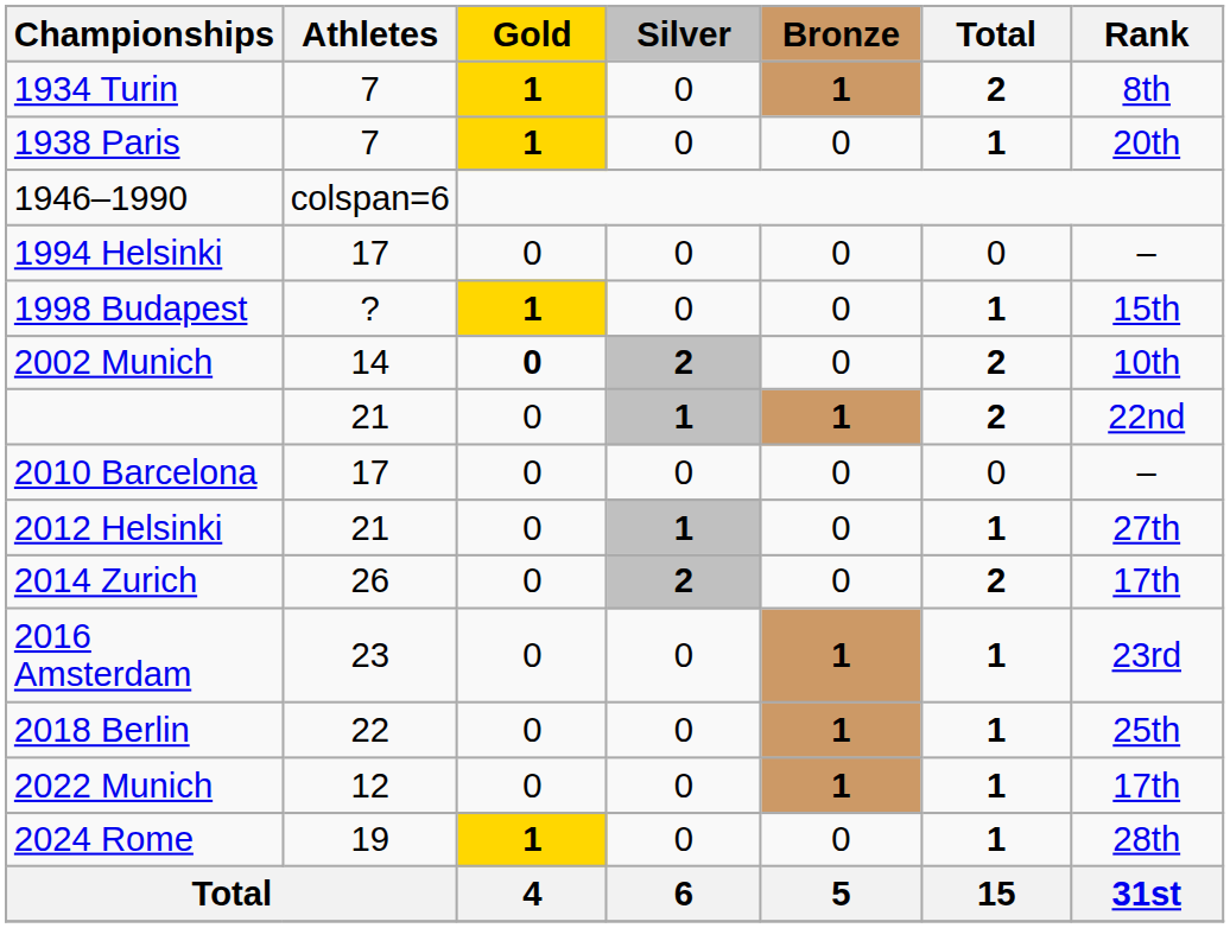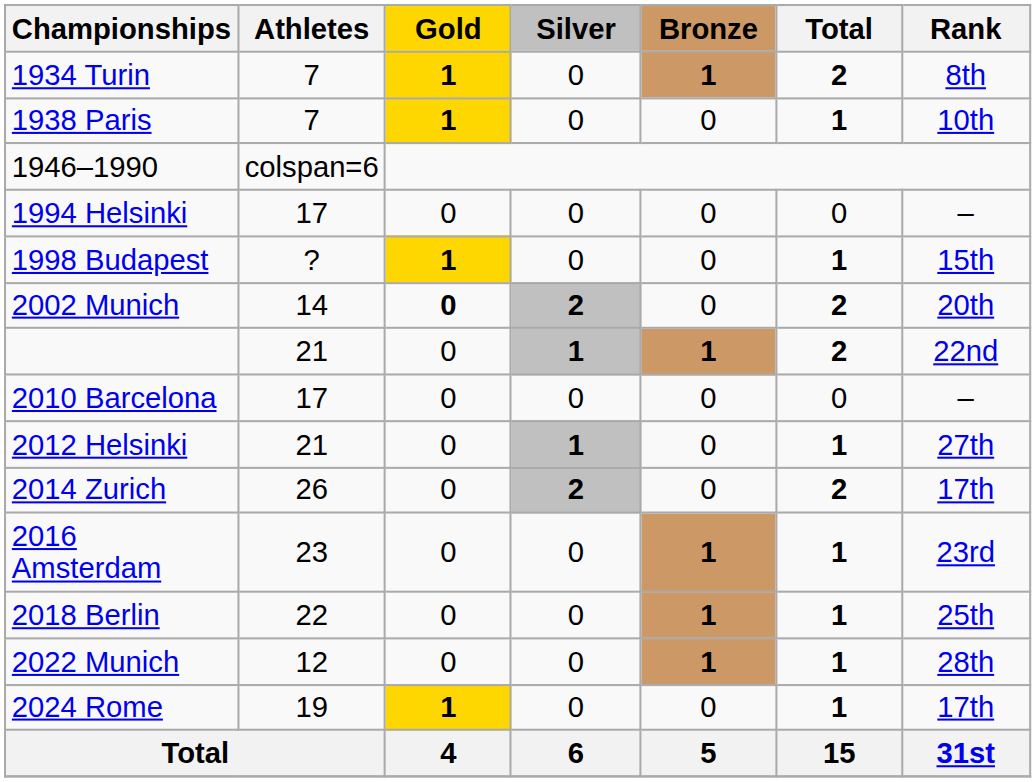 <table class="wikitable" width=40% style="font-size:90%; text-align:center;">
 <tr>
 <th>Championships</th>
 <th>Athletes</th>
 <td style="background:gold; width:4.5em; font-weight:bold;">Gold</td>
 <td style="background:silver; width:4.5em; font-weight:bold;">Silver</td>
 <td style="background:#cc9966; width:4.5em; font-weight:bold;">Bronze</td>
 <th style="width:4.5em; font-weight:bold;">Total</th>
 <th style="width:4.5em; font-weight:bold;">Rank</th>
 </tr>
 <tr>
 <td align=left><a href='#'>1934 Turin</a></td>
 <td>7</td>
 <td style="background:gold;"><strong>1</strong></td>
 <td>0</td>
 <td style="background:#cc9966;"><strong>1</strong></td>
 <td><strong>2</strong></td>
 <td><a href='#'>8th</a></td>
 </tr>
 <tr>
 <td align=left><a href='#'>1938 Paris</a></td>
 <td>7</td>
 <td style="background:gold;"><strong>1</strong></td>
 <td>0</td>
 <td>0</td>
 <td><strong>1</strong></td>
-<td><a href='#'>20th</a></td>
+<td><a href='#'>10th</a></td>
 </tr>
 <tr>
 <td align=left>1946–1990</td>
 <td>colspan=6 </td>
 </tr>
 <tr>
 <td align=left><a href='#'>1994 Helsinki</a></td>
 <td>17</td>
 <td>0</td>
 <td>0</td>
 <td>0</td>
 <td>0</td>
 <td>–</td>
 </tr>
 <tr>
 <td align=left><a href='#'>1998 Budapest</a></td>
 <td>?</td>
 <td style="background:gold;"><strong>1</strong></td>
 <td>0</td>
 <td>0</td>
 <td><strong>1</strong></td>
 <td><a href='#'>15th</a></td>
 </tr>
 <tr>
 <td align=left><a href='#'>2002 Munich</a></td>
 <td>14</td>
 <td><strong>0</strong></td>
 <td style="background:silver;"><strong>2</strong></td>
 <td>0</td>
 <td><strong>2</strong></td>
-<td><a href='#'>10th</a></td>
+<td><a href='#'>20th</a></td>
 </tr>
 <tr>
 <td align=left></td>
 <td>21</td>
 <td>0</td>
 <td style="background:silver;"><strong>1</strong></td>
 <td style="background:#cc9966;"><strong>1</strong></td>
 <td><strong>2</strong></td>
 <td><a href='#'>22nd</a></td>
 </tr>
 <tr>
 <td align=left><a href='#'>2010 Barcelona</a></td>
 <td>17</td>
 <td>0</td>
 <td>0</td>
 <td>0</td>
 <td>0</td>
 <td>–</td>
 </tr>
 <tr>
 <td align=left><a href='#'>2012 Helsinki</a></td>
 <td>21</td>
 <td>0</td>
 <td style="background:silver;"><strong>1</strong></td>
 <td>0</td>
 <td><strong>1</strong></td>
 <td><a href='#'>27th</a></td>
 </tr>
 <tr>
 <td align=left><a href='#'>2014 Zurich</a></td>
 <td>26</td>
 <td>0</td>
 <td style="background:silver;"><strong>2</strong></td>
 <td>0</td>
 <td><strong>2</strong></td>
 <td><a href='#'>17th</a></td>
 </tr>
 <tr>
 <td align=left><a href='#'>2016 Amsterdam</a></td>
 <td>23</td>
 <td>0</td>
 <td>0</td>
 <td style="background:#cc9966;"><strong>1</strong></td>
 <td><strong>1</strong></td>
 <td><a href='#'>23rd</a></td>
 </tr>
 <tr>
 <td align=left><a href='#'>2018 Berlin</a></td>
 <td>22</td>
 <td>0</td>
 <td>0</td>
 <td style="background:#cc9966;"><strong>1</strong></td>
 <td><strong>1</strong></td>
 <td><a href='#'>25th</a></td>
 </tr>
 <tr>
 <td align=left><a href='#'>2022 Munich</a></td>
 <td>12</td>
 <td>0</td>
 <td>0</td>
 <td style="background:#cc9966;"><strong>1</strong></td>
 <td><strong>1</strong></td>
-<td><a href='#'>17th</a></td>
+<td><a href='#'>28th</a></td>
 </tr>
 <tr>
 <td align=left><a href='#'>2024 Rome</a></td>
 <td>19</td>
 <td style="background:gold;"><strong>1</strong></td>
 <td>0</td>
 <td>0</td>
 <td><strong>1</strong></td>
-<td><a href='#'>28th</a></td>
+<td><a href='#'>17th</a></td>
 </tr>
 <tr>
 <th colspan=2>Total</th>
 <th><strong>4</strong></th>
 <th><strong>6</strong></th>
 <th><strong>5</strong></th>
 <th><strong>15</strong></th>
 <th><a href='#'>31st</a></th>
 </tr>
 <tr class="sortbottom">
 </tr>
 </table>
